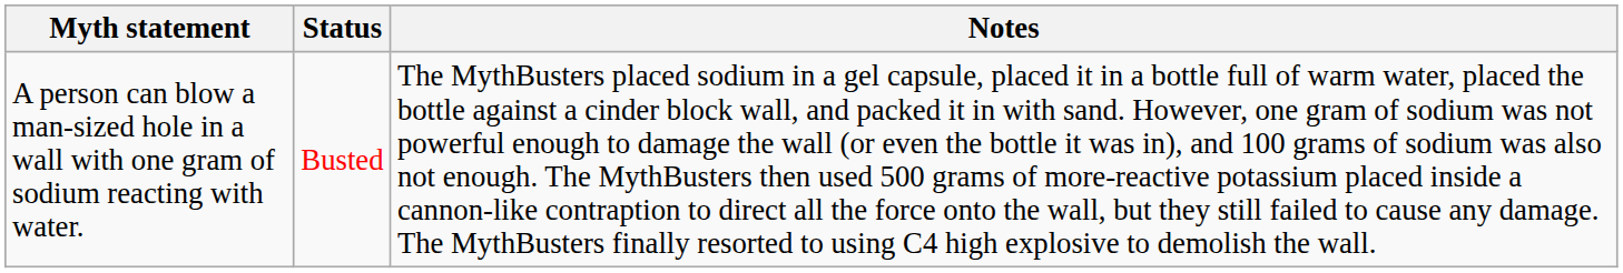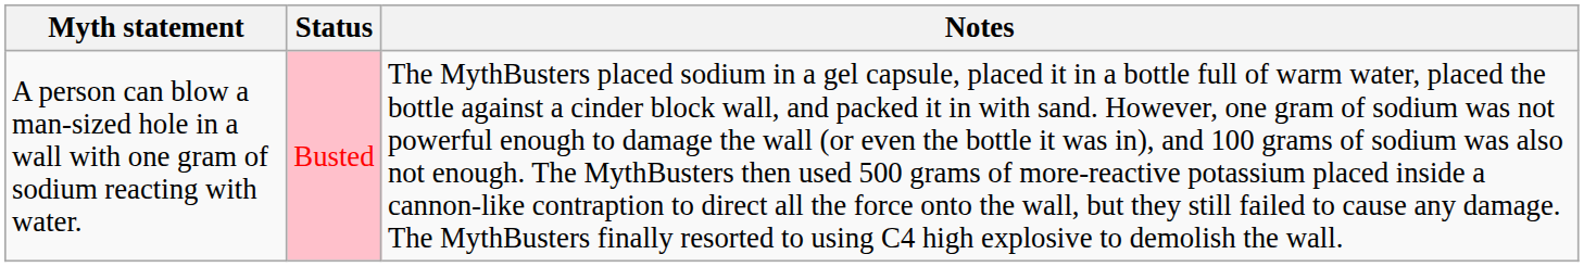 <table class="wikitable plainrowheaders">
 <tr>
 <th>Myth statement</th>
 <th>Status</th>
 <th>Notes</th>
 </tr>
 <tr>
 <td>A person can blow a man-sized hole in a wall with one gram of sodium reacting with water.</td>
-<td style="color:red">Busted</td>
+<td style="background: pink; color:red">Busted</td>
 <td>The MythBusters placed sodium in a gel capsule, placed it in a bottle full of warm water, placed the bottle against a cinder block wall, and packed it in with sand. However, one gram of sodium was not powerful enough to damage the wall (or even the bottle it was in), and 100 grams of sodium was also not enough. The MythBusters then used 500 grams of more-reactive potassium placed inside a cannon-like contraption to direct all the force onto the wall, but they still failed to cause any damage. The MythBusters finally resorted to using C4 high explosive to demolish the wall.</td>
 </tr>
 </table>
